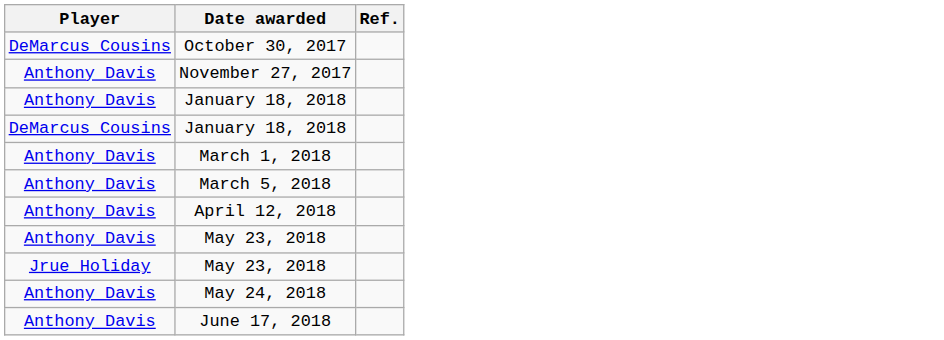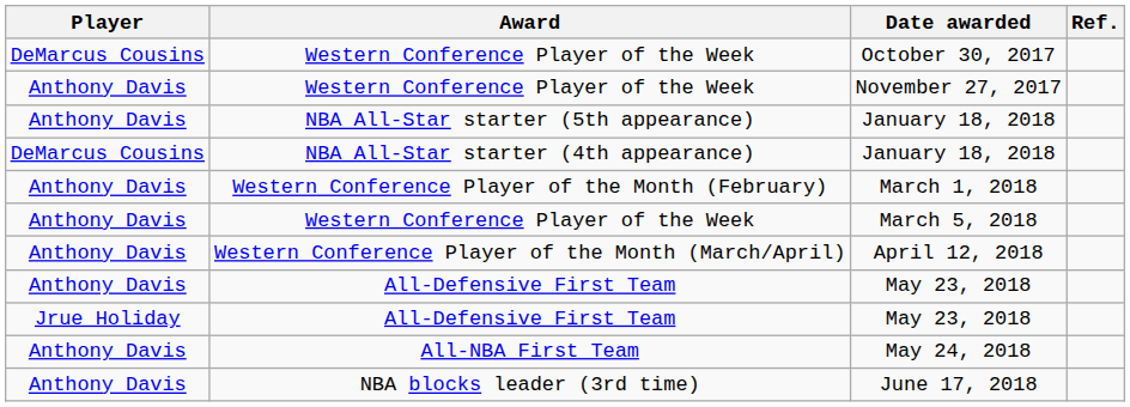 <table class="wikitable sortable sortable" style="text-align: center">
 <tr>
 <th>Player</th>
+<th>Award</th>
 <th>Date awarded</th>
 <th>Ref.</th>
 </tr>
 <tr>
 <td><a href='#'>DeMarcus Cousins</a></td>
+<td><a href='#'>Western Conference</a> Player of the Week</td>
 <td>October 30, 2017</td>
 <td align=center></td>
 </tr>
 <tr>
 <td><a href='#'>Anthony Davis</a></td>
+<td><a href='#'>Western Conference</a> Player of the Week</td>
 <td>November 27, 2017</td>
 <td align=center></td>
 </tr>
 <tr>
 <td><a href='#'>Anthony Davis</a></td>
+<td><a href='#'>NBA All-Star</a> starter (5th appearance)</td>
 <td>January 18, 2018</td>
 <td align=center></td>
 </tr>
 <tr>
 <td><a href='#'>DeMarcus Cousins</a></td>
+<td><a href='#'>NBA All-Star</a> starter (4th appearance)</td>
 <td>January 18, 2018</td>
 <td align=center></td>
 </tr>
 <tr>
 <td><a href='#'>Anthony Davis</a></td>
+<td><a href='#'>Western Conference</a> Player of the Month (February)</td>
 <td>March 1, 2018</td>
 <td align=center></td>
 </tr>
 <tr>
 <td><a href='#'>Anthony Davis</a></td>
+<td><a href='#'>Western Conference</a> Player of the Week</td>
 <td>March 5, 2018</td>
 <td align=center></td>
 </tr>
 <tr>
 <td><a href='#'>Anthony Davis</a></td>
+<td><a href='#'>Western Conference</a> Player of the Month (March/April)</td>
 <td>April 12, 2018</td>
 <td align=center></td>
 </tr>
 <tr>
 <td><a href='#'>Anthony Davis</a></td>
+<td><a href='#'>All-Defensive First Team</a></td>
 <td>May 23, 2018</td>
 <td align=center></td>
 </tr>
 <tr>
 <td><a href='#'>Jrue Holiday</a></td>
+<td><a href='#'>All-Defensive First Team</a></td>
 <td>May 23, 2018</td>
 <td align=center></td>
 </tr>
 <tr>
 <td><a href='#'>Anthony Davis</a></td>
+<td><a href='#'>All-NBA First Team</a></td>
 <td>May 24, 2018</td>
 <td align=center></td>
 </tr>
 <tr>
 <td><a href='#'>Anthony Davis</a></td>
+<td>NBA <a href='#'>blocks</a> leader (3rd time)</td>
 <td>June 17, 2018</td>
 <td align=center></td>
 </tr>
 </table>
